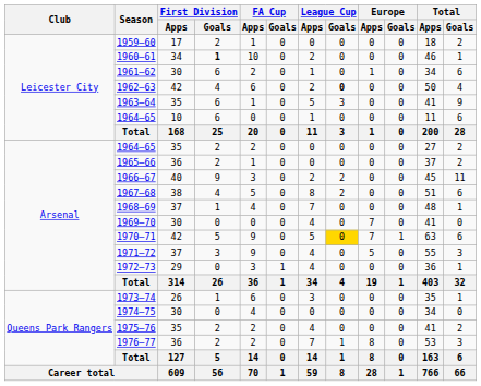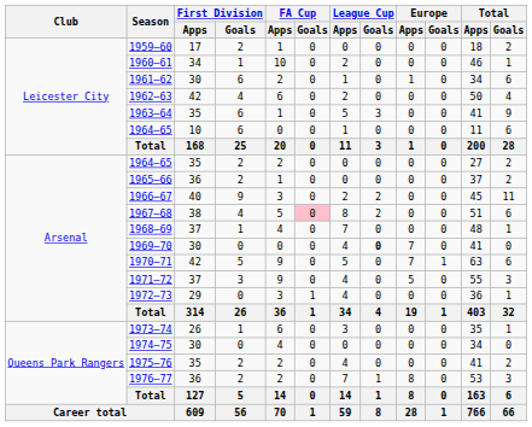 <table class="wikitable" style="text-align:center">
 <tr>
 <th rowspan="2">Club</th>
 <th rowspan="2">Season</th>
 <th colspan="2"><a href='#'>First Division</a></th>
 <th colspan="2"><a href='#'>FA Cup</a></th>
 <th colspan="2"><a href='#'>League Cup</a></th>
 <th colspan="2">Europe</th>
 <th colspan="2">Total</th>
 </tr>
 <tr>
 <th>Apps</th>
 <th>Goals</th>
 <th>Apps</th>
 <th>Goals</th>
 <th>Apps</th>
 <th>Goals</th>
 <th>Apps</th>
 <th>Goals</th>
 <th>Apps</th>
 <th>Goals</th>
 </tr>
 <tr>
 <td rowspan="7"><a href='#'>Leicester City</a></td>
 <td><a href='#'>1959–60</a></td>
 <td>17</td>
 <td>2</td>
 <td>1</td>
 <td>0</td>
 <td>0</td>
 <td>0</td>
 <td>0</td>
 <td>0</td>
 <td>18</td>
 <td>2</td>
 </tr>
 <tr>
 <td><a href='#'>1960–61</a></td>
 <td>34</td>
-<td><strong>1</strong></td>
+<td>1</td>
 <td>10</td>
 <td>0</td>
 <td>2</td>
 <td>0</td>
 <td>0</td>
 <td>0</td>
 <td>46</td>
 <td>1</td>
 </tr>
 <tr>
 <td><a href='#'>1961–62</a></td>
 <td>30</td>
 <td>6</td>
 <td>2</td>
 <td>0</td>
 <td>1</td>
 <td>0</td>
 <td>1</td>
 <td>0</td>
 <td>34</td>
 <td>6</td>
 </tr>
 <tr>
 <td><a href='#'>1962–63</a></td>
 <td>42</td>
 <td>4</td>
 <td>6</td>
 <td>0</td>
 <td>2</td>
-<td><strong>0</strong></td>
+<td>0</td>
 <td>0</td>
 <td>0</td>
 <td>50</td>
 <td>4</td>
 </tr>
 <tr>
 <td><a href='#'>1963–64</a></td>
 <td>35</td>
 <td>6</td>
 <td>1</td>
 <td>0</td>
 <td>5</td>
 <td>3</td>
 <td>0</td>
 <td>0</td>
 <td>41</td>
 <td>9</td>
 </tr>
 <tr>
 <td><a href='#'>1964–65</a></td>
 <td>10</td>
 <td>6</td>
 <td>0</td>
 <td>0</td>
 <td>1</td>
 <td>0</td>
 <td>0</td>
 <td>0</td>
 <td>11</td>
 <td>6</td>
 </tr>
 <tr>
 <th colspan="1">Total</th>
 <th>168</th>
 <th>25</th>
 <th>20</th>
 <th>0</th>
 <th>11</th>
 <th>3</th>
 <th>1</th>
 <th>0</th>
 <th>200</th>
 <th>28</th>
 </tr>
 <tr>
 <td rowspan="10"><a href='#'>Arsenal</a></td>
 <td><a href='#'>1964–65</a></td>
 <td>35</td>
 <td>2</td>
 <td>2</td>
 <td>0</td>
 <td>0</td>
 <td>0</td>
 <td>0</td>
 <td>0</td>
 <td>27</td>
 <td>2</td>
 </tr>
 <tr>
 <td><a href='#'>1965–66</a></td>
 <td>36</td>
 <td>2</td>
 <td>1</td>
 <td>0</td>
 <td>0</td>
 <td>0</td>
 <td>0</td>
 <td>0</td>
 <td>37</td>
 <td>2</td>
 </tr>
 <tr>
 <td><a href='#'>1966–67</a></td>
 <td>40</td>
 <td>9</td>
 <td>3</td>
 <td>0</td>
 <td>2</td>
 <td>2</td>
 <td>0</td>
 <td>0</td>
 <td>45</td>
 <td>11</td>
 </tr>
 <tr>
 <td><a href='#'>1967–68</a></td>
 <td>38</td>
 <td>4</td>
 <td>5</td>
-<td>0</td>
+<td style="background: pink;">0</td>
 <td>8</td>
 <td>2</td>
 <td>0</td>
 <td>0</td>
 <td>51</td>
 <td>6</td>
 </tr>
 <tr>
 <td><a href='#'>1968–69</a></td>
 <td>37</td>
 <td>1</td>
 <td>4</td>
 <td>0</td>
 <td>7</td>
 <td>0</td>
 <td>0</td>
 <td>0</td>
 <td>48</td>
 <td>1</td>
 </tr>
 <tr>
 <td><a href='#'>1969–70</a></td>
 <td>30</td>
 <td>0</td>
 <td>0</td>
 <td>0</td>
 <td>4</td>
-<td>0</td>
+<td><strong>0</strong></td>
 <td>7</td>
 <td>0</td>
 <td>41</td>
 <td>0</td>
 </tr>
 <tr>
 <td><a href='#'>1970–71</a></td>
 <td>42</td>
 <td>5</td>
 <td>9</td>
 <td>0</td>
 <td>5</td>
-<td style="background: gold;">0</td>
+<td>0</td>
 <td>7</td>
 <td>1</td>
 <td>63</td>
 <td>6</td>
 </tr>
 <tr>
 <td><a href='#'>1971–72</a></td>
 <td>37</td>
 <td>3</td>
 <td>9</td>
 <td>0</td>
 <td>4</td>
 <td>0</td>
 <td>5</td>
 <td>0</td>
 <td>55</td>
 <td>3</td>
 </tr>
 <tr>
 <td><a href='#'>1972–73</a></td>
 <td>29</td>
 <td>0</td>
 <td>3</td>
 <td>1</td>
 <td>4</td>
 <td>0</td>
 <td>0</td>
 <td>0</td>
 <td>36</td>
 <td>1</td>
 </tr>
 <tr>
 <th colspan="1">Total</th>
 <th>314</th>
 <th>26</th>
 <th>36</th>
 <th>1</th>
 <th>34</th>
 <th>4</th>
 <th>19</th>
 <th>1</th>
 <th>403</th>
 <th>32</th>
 </tr>
 <tr>
 <td rowspan="5"><a href='#'>Queens Park Rangers</a></td>
 <td><a href='#'>1973–74</a></td>
 <td>26</td>
 <td>1</td>
 <td>6</td>
 <td>0</td>
 <td>3</td>
 <td>0</td>
 <td>0</td>
 <td>0</td>
 <td>35</td>
 <td>1</td>
 </tr>
 <tr>
 <td><a href='#'>1974–75</a></td>
 <td>30</td>
 <td>0</td>
 <td>4</td>
 <td>0</td>
 <td>0</td>
 <td>0</td>
 <td>0</td>
 <td>0</td>
 <td>34</td>
 <td>0</td>
 </tr>
 <tr>
 <td><a href='#'>1975–76</a></td>
 <td>35</td>
 <td>2</td>
 <td>2</td>
 <td>0</td>
 <td>4</td>
 <td>0</td>
 <td>0</td>
 <td>0</td>
 <td>41</td>
 <td>2</td>
 </tr>
 <tr>
 <td><a href='#'>1976–77</a></td>
 <td>36</td>
 <td>2</td>
 <td>2</td>
 <td>0</td>
 <td>7</td>
 <td>1</td>
 <td>8</td>
 <td>0</td>
 <td>53</td>
 <td>3</td>
 </tr>
 <tr>
 <th colspan="1">Total</th>
 <th>127</th>
 <th>5</th>
 <th>14</th>
 <th>0</th>
 <th>14</th>
 <th>1</th>
 <th>8</th>
 <th>0</th>
 <th>163</th>
 <th>6</th>
 </tr>
 <tr>
 <th colspan="2">Career total</th>
 <th>609</th>
 <th>56</th>
 <th>70</th>
 <th>1</th>
 <th>59</th>
 <th>8</th>
 <th>28</th>
 <th>1</th>
 <th>766</th>
 <th>66</th>
 </tr>
 </table>
